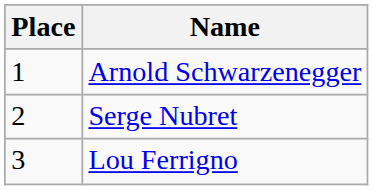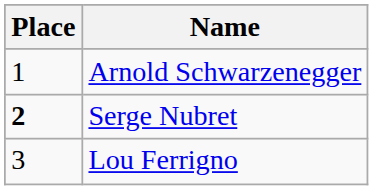 <table class="wikitable">
 <tr>
 <th>Place</th>
 <th>Name</th>
 </tr>
 <tr>
 <td>1</td>
 <td> <a href='#'>Arnold Schwarzenegger</a></td>
 </tr>
 <tr>
-<td>2</td>
+<td><strong>2</strong></td>
 <td> <a href='#'>Serge Nubret</a></td>
 </tr>
 <tr>
 <td>3</td>
 <td> <a href='#'>Lou Ferrigno</a></td>
 </tr>
 </table>
